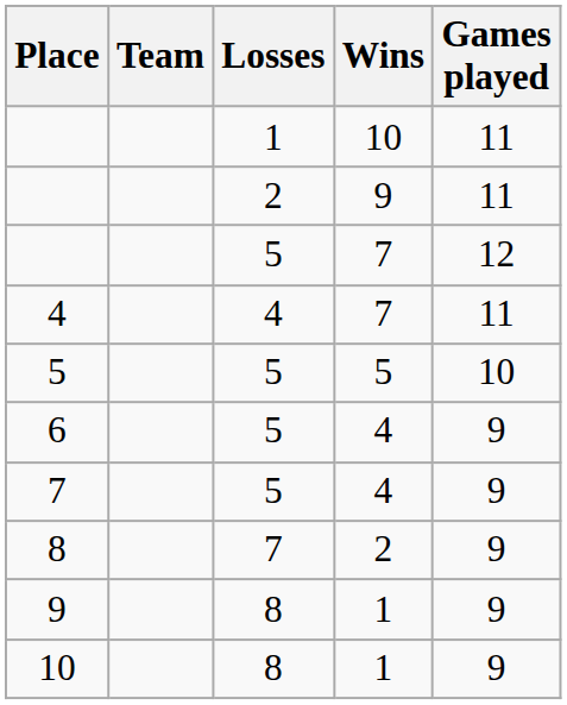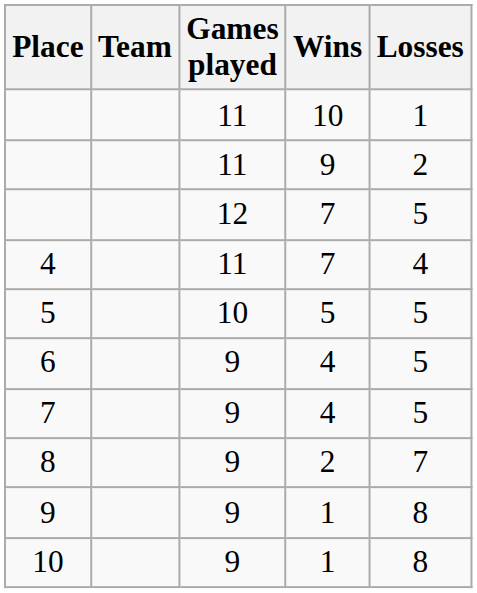 <table class="wikitable" style="text-align:center;">
 <tr>
 <th>Place</th>
 <th>Team</th>
+<th>Games<br>played</th>
+<th>Wins</th>
 <th>Losses</th>
-<th>Wins</th>
-<th>Games<br>played</th>
 </tr>
 <tr>
 <td></td>
 <td align=left></td>
+<td>11</td>
+<td>10</td>
 <td>1</td>
-<td>10</td>
-<td>11</td>
 </tr>
 <tr>
 <td></td>
 <td align=left></td>
+<td>11</td>
+<td>9</td>
 <td>2</td>
-<td>9</td>
-<td>11</td>
 </tr>
 <tr>
 <td></td>
 <td align=left></td>
+<td>12</td>
+<td>7</td>
 <td>5</td>
-<td>7</td>
-<td>12</td>
 </tr>
 <tr>
 <td>4</td>
 <td align=left></td>
+<td>11</td>
+<td>7</td>
 <td>4</td>
-<td>7</td>
-<td>11</td>
 </tr>
 <tr>
 <td>5</td>
 <td align=left></td>
+<td>10</td>
 <td>5</td>
 <td>5</td>
-<td>10</td>
 </tr>
 <tr>
 <td>6</td>
 <td align=left></td>
+<td>9</td>
+<td>4</td>
 <td>5</td>
-<td>4</td>
-<td>9</td>
 </tr>
 <tr>
 <td>7</td>
 <td align=left></td>
+<td>9</td>
+<td>4</td>
 <td>5</td>
-<td>4</td>
-<td>9</td>
 </tr>
 <tr>
 <td>8</td>
 <td align=left></td>
+<td>9</td>
+<td>2</td>
 <td>7</td>
-<td>2</td>
-<td>9</td>
 </tr>
 <tr>
 <td>9</td>
 <td align=left></td>
+<td>9</td>
+<td>1</td>
 <td>8</td>
-<td>1</td>
-<td>9</td>
 </tr>
 <tr>
 <td>10</td>
 <td align=left></td>
+<td>9</td>
+<td>1</td>
 <td>8</td>
-<td>1</td>
-<td>9</td>
 </tr>
 </table>
